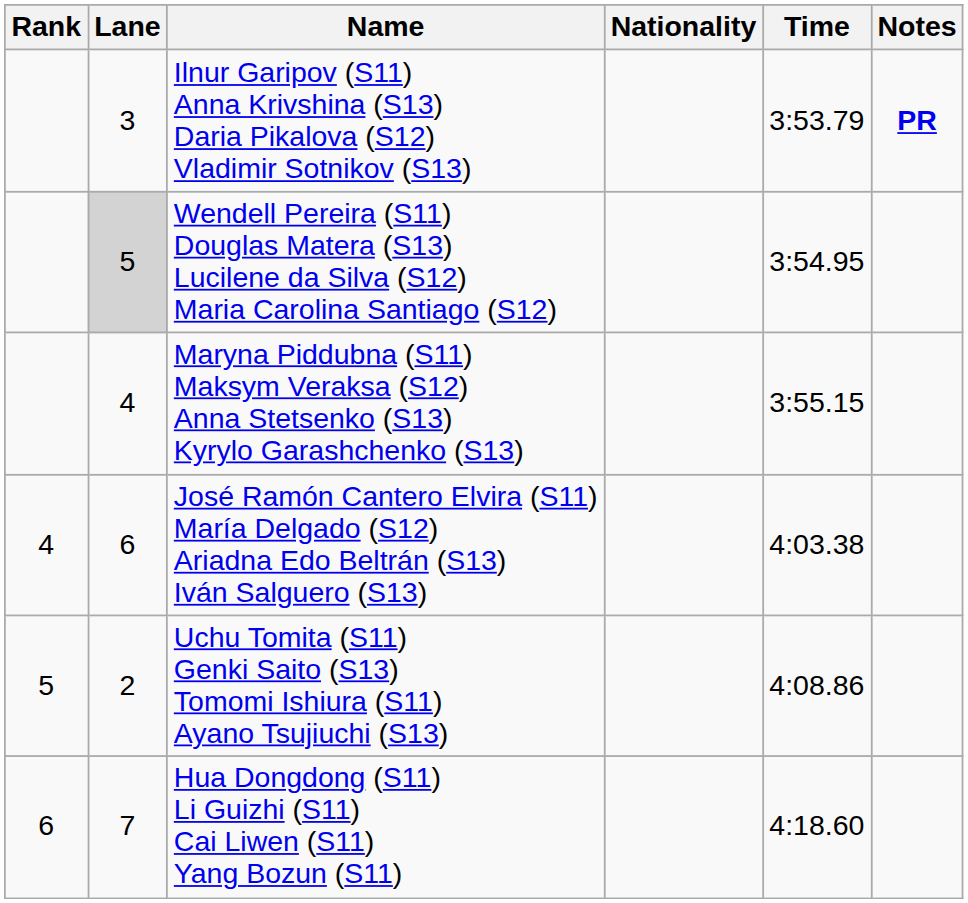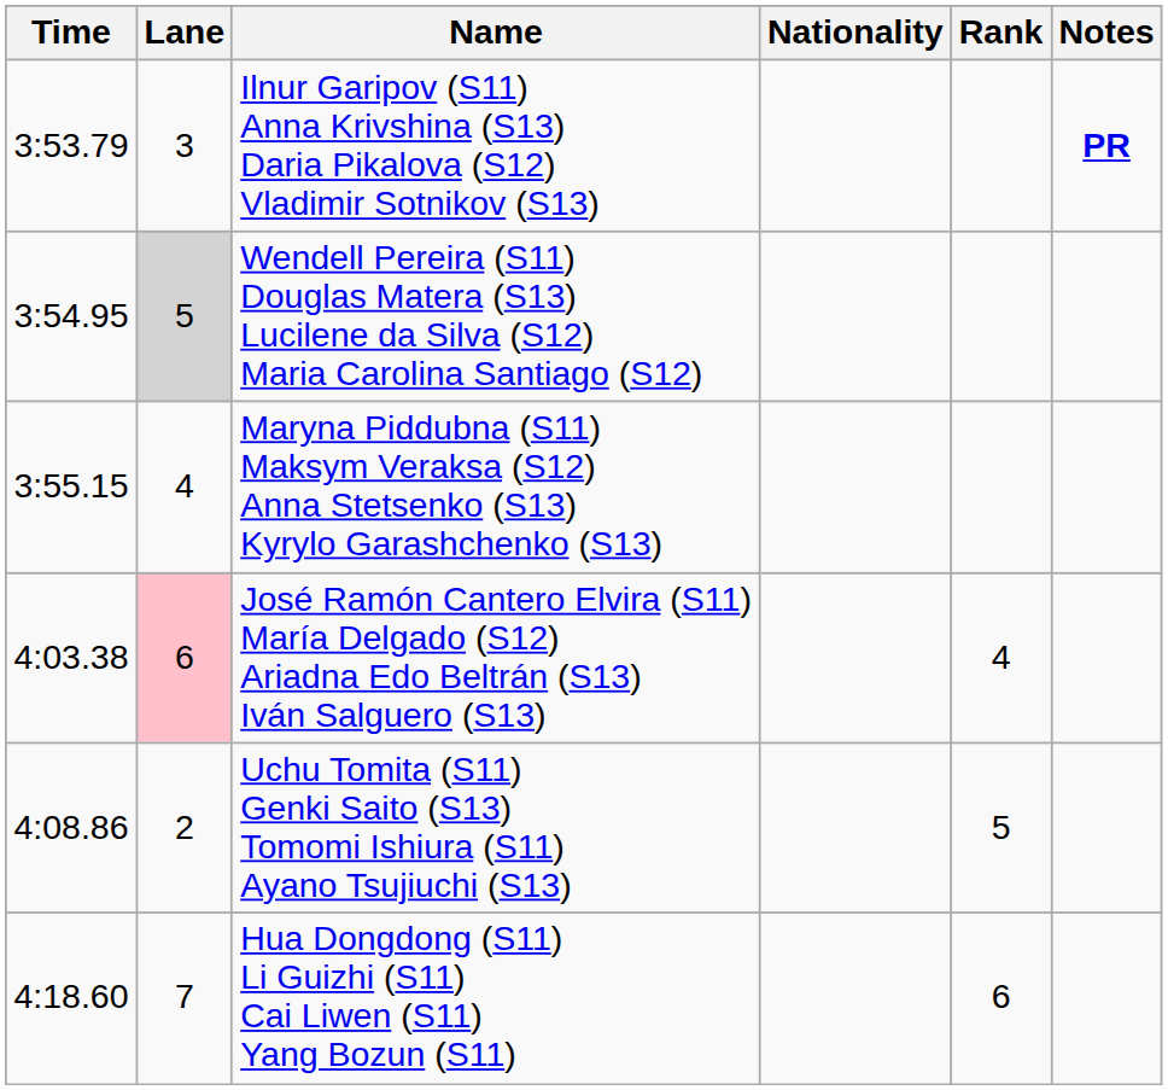 <table class="wikitable sortable" style="text-align:center">
 <tr>
-<th>Rank</th>
+<th>Time</th>
 <th>Lane</th>
 <th>Name</th>
 <th>Nationality</th>
-<th>Time</th>
+<th>Rank</th>
 <th>Notes</th>
 </tr>
 <tr>
-<td></td>
+<td>3:53.79</td>
 <td>3</td>
 <td align=left><a href='#'>Ilnur Garipov</a> (<a href='#'>S11</a>)<br><a href='#'>Anna Krivshina</a> (<a href='#'>S13</a>)<br><a href='#'>Daria Pikalova</a> (<a href='#'>S12</a>)<br><a href='#'>Vladimir Sotnikov</a> (<a href='#'>S13</a>)</td>
 <td align=left></td>
-<td>3:53.79</td>
+<td></td>
 <td><strong><a href='#'>PR</a></strong></td>
 </tr>
 <tr>
-<td></td>
+<td>3:54.95</td>
 <td style="background: lightgrey;">5</td>
 <td align=left><a href='#'>Wendell Pereira</a> (<a href='#'>S11</a>)<br><a href='#'>Douglas Matera</a> (<a href='#'>S13</a>)<br><a href='#'>Lucilene da Silva</a> (<a href='#'>S12</a>)<br><a href='#'>Maria Carolina Santiago</a> (<a href='#'>S12</a>)</td>
 <td align=left></td>
-<td>3:54.95</td>
+<td></td>
 <td></td>
 </tr>
 <tr>
-<td></td>
+<td>3:55.15</td>
 <td>4</td>
 <td align=left><a href='#'>Maryna Piddubna</a> (<a href='#'>S11</a>)<br><a href='#'>Maksym Veraksa</a> (<a href='#'>S12</a>)<br><a href='#'>Anna Stetsenko</a> (<a href='#'>S13</a>)<br><a href='#'>Kyrylo Garashchenko</a> (<a href='#'>S13</a>)</td>
 <td align=left></td>
-<td>3:55.15</td>
+<td></td>
 <td></td>
 </tr>
 <tr>
-<td>4</td>
-<td>6</td>
+<td>4:03.38</td>
+<td style="background: pink;">6</td>
 <td align=left><a href='#'>José Ramón Cantero Elvira</a> (<a href='#'>S11</a>)<br><a href='#'>María Delgado</a> (<a href='#'>S12</a>)<br><a href='#'>Ariadna Edo Beltrán</a> (<a href='#'>S13</a>)<br><a href='#'>Iván Salguero</a> (<a href='#'>S13</a>)</td>
 <td align=left></td>
-<td>4:03.38</td>
+<td>4</td>
 <td></td>
 </tr>
 <tr>
-<td>5</td>
+<td>4:08.86</td>
 <td>2</td>
 <td align=left><a href='#'>Uchu Tomita</a> (<a href='#'>S11</a>)<br><a href='#'>Genki Saito</a> (<a href='#'>S13</a>)<br><a href='#'>Tomomi Ishiura</a> (<a href='#'>S11</a>)<br><a href='#'>Ayano Tsujiuchi</a> (<a href='#'>S13</a>)</td>
 <td align=left></td>
-<td>4:08.86</td>
+<td>5</td>
 <td></td>
 </tr>
 <tr>
-<td>6</td>
+<td>4:18.60</td>
 <td>7</td>
 <td align=left><a href='#'>Hua Dongdong</a> (<a href='#'>S11</a>)<br><a href='#'>Li Guizhi</a> (<a href='#'>S11</a>)<br><a href='#'>Cai Liwen</a> (<a href='#'>S11</a>)<br><a href='#'>Yang Bozun</a> (<a href='#'>S11</a>)</td>
 <td align=left></td>
-<td>4:18.60</td>
+<td>6</td>
 <td></td>
 </tr>
 </table>
